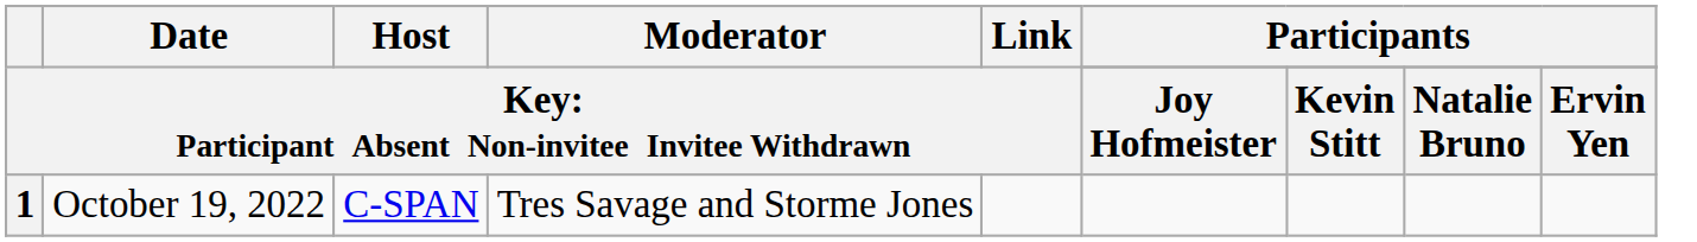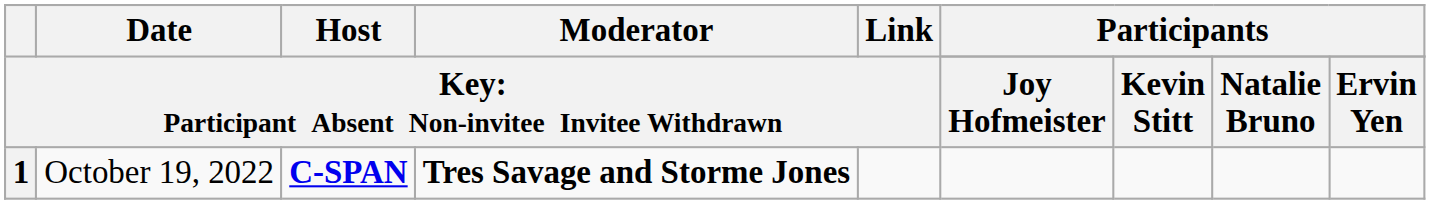 <table class="wikitable" style="text-align:center;">
 <tr>
 <th scope="col"></th>
 <th scope="col">Date</th>
 <th scope="col">Host</th>
 <th scope="col">Moderator</th>
 <th scope="col">Link</th>
 <th colspan="5" scope="col">Participants</th>
 </tr>
 <tr>
 <th colspan="5" rowspan="2">Key:<br> <small>Participant </small>  <small>Absent </small>  <small>Non-invitee </small>  <small>Invitee  Withdrawn</small></th>
 </tr>
 <tr>
 <th scope="col">Joy<br>Hofmeister</th>
 <th scope="col">Kevin<br> Stitt</th>
 <th scope="col">Natalie<br>Bruno</th>
 <th scope="col">Ervin<br>Yen</th>
 </tr>
 <tr>
 <th scope="row">1</th>
 <td style="white-space:nowrap;">October 19, 2022</td>
-<td style="white-space:nowrap;"><a href='#'>C-SPAN</a></td>
-<td style="white-space:nowrap;">Tres Savage and Storme Jones</td>
+<td style="white-space:nowrap;"><strong><a href='#'>C-SPAN</a></strong></td>
+<td style="white-space:nowrap;"><strong>Tres Savage and Storme Jones</strong></td>
 <td style="white-space:nowrap;"></td>
 <td></td>
 <td></td>
 <td></td>
 <td></td>
 </tr>
 </table>
